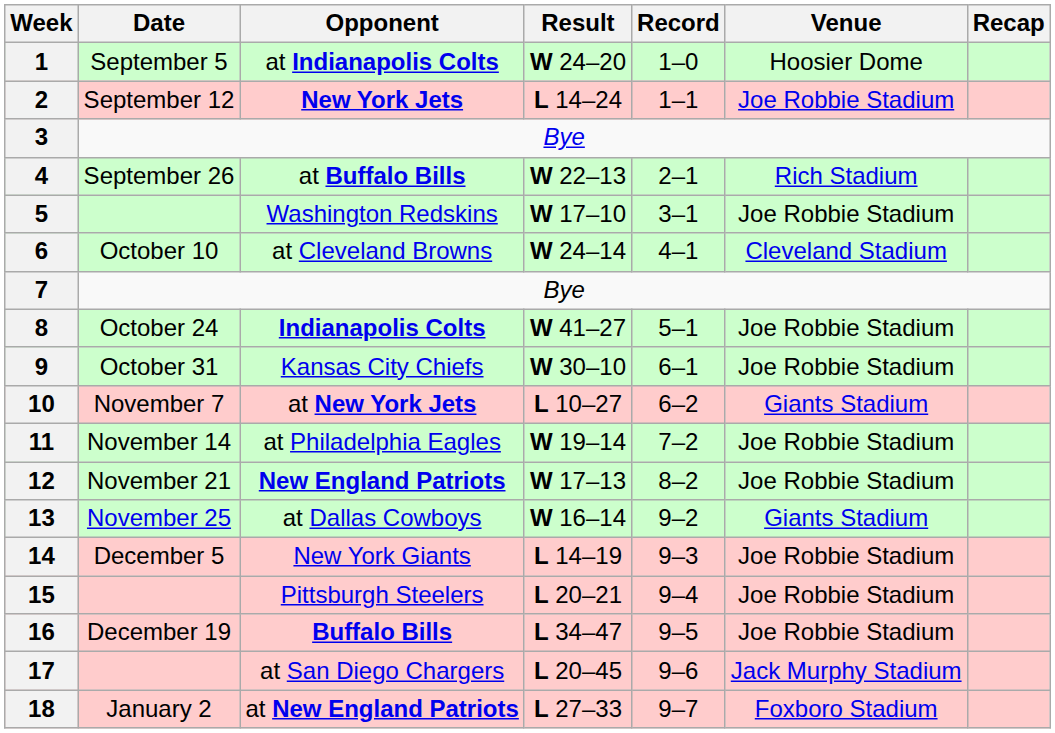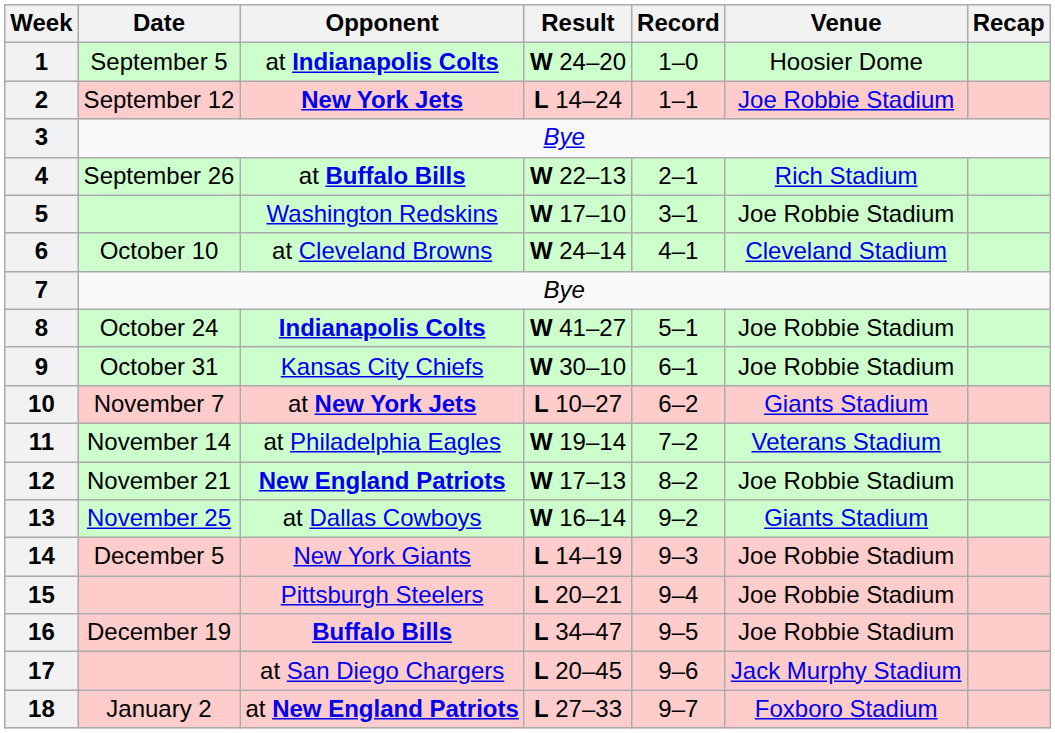 <table class="wikitable" style="text-align:center">
 <tr>
 <th>Week</th>
 <th>Date</th>
 <th>Opponent</th>
 <th>Result</th>
 <th>Record</th>
 <th>Venue</th>
 <th>Recap</th>
 </tr>
 <tr style="background: #cfc;">
 <th>1</th>
 <td>September 5</td>
 <td>at <strong><a href='#'>Indianapolis Colts</a></strong></td>
 <td><strong>W</strong> 24–20</td>
 <td>1–0</td>
 <td>Hoosier Dome</td>
 <td></td>
 </tr>
 <tr style="background: #fcc;">
 <th>2</th>
 <td>September 12</td>
 <td><strong><a href='#'>New York Jets</a></strong></td>
 <td><strong>L</strong> 14–24</td>
 <td>1–1</td>
 <td><a href='#'>Joe Robbie Stadium</a></td>
 <td></td>
 </tr>
 <tr>
 <th>3</th>
 <td colspan=6 align="center"><em><a href='#'>Bye</a></em></td>
 </tr>
 <tr style="background: #cfc;">
 <th>4</th>
 <td>September 26</td>
 <td>at <strong><a href='#'>Buffalo Bills</a></strong></td>
 <td><strong>W</strong> 22–13</td>
 <td>2–1</td>
 <td><a href='#'>Rich Stadium</a></td>
 <td></td>
 </tr>
 <tr style="background: #cfc;">
 <th>5</th>
 <td></td>
 <td><a href='#'>Washington Redskins</a></td>
 <td><strong>W</strong> 17–10</td>
 <td>3–1</td>
 <td>Joe Robbie Stadium</td>
 <td></td>
 </tr>
 <tr style="background: #cfc;">
 <th>6</th>
 <td>October 10</td>
 <td>at <a href='#'>Cleveland Browns</a></td>
 <td><strong>W</strong> 24–14</td>
 <td>4–1</td>
 <td><a href='#'>Cleveland Stadium</a></td>
 <td></td>
 </tr>
 <tr>
 <th>7</th>
 <td colspan=6 align="center"><em>Bye</em></td>
 </tr>
 <tr style="background: #cfc;">
 <th>8</th>
 <td>October 24</td>
 <td><strong><a href='#'>Indianapolis Colts</a></strong></td>
 <td><strong>W</strong> 41–27</td>
 <td>5–1</td>
 <td>Joe Robbie Stadium</td>
 <td></td>
 </tr>
 <tr style="background: #cfc;">
 <th>9</th>
 <td>October 31</td>
 <td><a href='#'>Kansas City Chiefs</a></td>
 <td><strong>W</strong> 30–10</td>
 <td>6–1</td>
 <td>Joe Robbie Stadium</td>
 <td></td>
 </tr>
 <tr style="background: #fcc;">
 <th>10</th>
 <td>November 7</td>
 <td>at <strong><a href='#'>New York Jets</a></strong></td>
 <td><strong>L</strong> 10–27</td>
 <td>6–2</td>
 <td><a href='#'>Giants Stadium</a></td>
 <td></td>
 </tr>
 <tr style="background: #cfc;">
 <th>11</th>
 <td>November 14</td>
 <td>at <a href='#'>Philadelphia Eagles</a></td>
 <td><strong>W</strong> 19–14</td>
 <td>7–2</td>
-<td>Joe Robbie Stadium</td>
+<td><a href='#'>Veterans Stadium</a></td>
 <td></td>
 </tr>
 <tr style="background: #cfc;">
 <th>12</th>
 <td>November 21</td>
 <td><strong><a href='#'>New England Patriots</a></strong></td>
 <td><strong>W</strong> 17–13</td>
 <td>8–2</td>
 <td>Joe Robbie Stadium</td>
 <td></td>
 </tr>
 <tr style="background: #cfc;">
 <th>13</th>
 <td><a href='#'>November 25</a></td>
 <td>at <a href='#'>Dallas Cowboys</a></td>
 <td><strong>W</strong> 16–14</td>
 <td>9–2</td>
 <td><a href='#'>Giants Stadium</a></td>
 <td></td>
 </tr>
 <tr style="background: #fcc;">
 <th>14</th>
 <td>December 5</td>
 <td><a href='#'>New York Giants</a></td>
 <td><strong>L</strong> 14–19</td>
 <td>9–3</td>
 <td>Joe Robbie Stadium</td>
 <td></td>
 </tr>
 <tr style="background: #fcc;">
 <th>15</th>
 <td></td>
 <td><a href='#'>Pittsburgh Steelers</a></td>
 <td><strong>L</strong> 20–21</td>
 <td>9–4</td>
 <td>Joe Robbie Stadium</td>
 <td></td>
 </tr>
 <tr style="background: #fcc;">
 <th>16</th>
 <td>December 19</td>
 <td><strong><a href='#'>Buffalo Bills</a></strong></td>
 <td><strong>L</strong> 34–47</td>
 <td>9–5</td>
 <td>Joe Robbie Stadium</td>
 <td></td>
 </tr>
 <tr style="background: #fcc;">
 <th>17</th>
 <td></td>
 <td>at <a href='#'>San Diego Chargers</a></td>
 <td><strong>L</strong> 20–45</td>
 <td>9–6</td>
 <td><a href='#'>Jack Murphy Stadium</a></td>
 <td></td>
 </tr>
 <tr style="background: #fcc;">
 <th>18</th>
 <td>January 2</td>
 <td>at <strong><a href='#'>New England Patriots</a></strong></td>
 <td><strong>L</strong> 27–33 </td>
 <td>9–7</td>
 <td><a href='#'>Foxboro Stadium</a></td>
 <td></td>
 </tr>
 </table>
